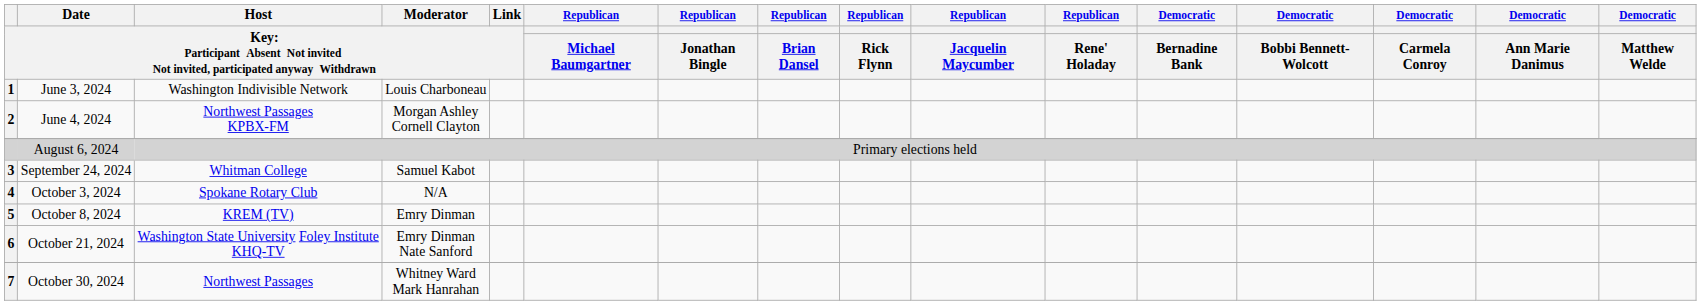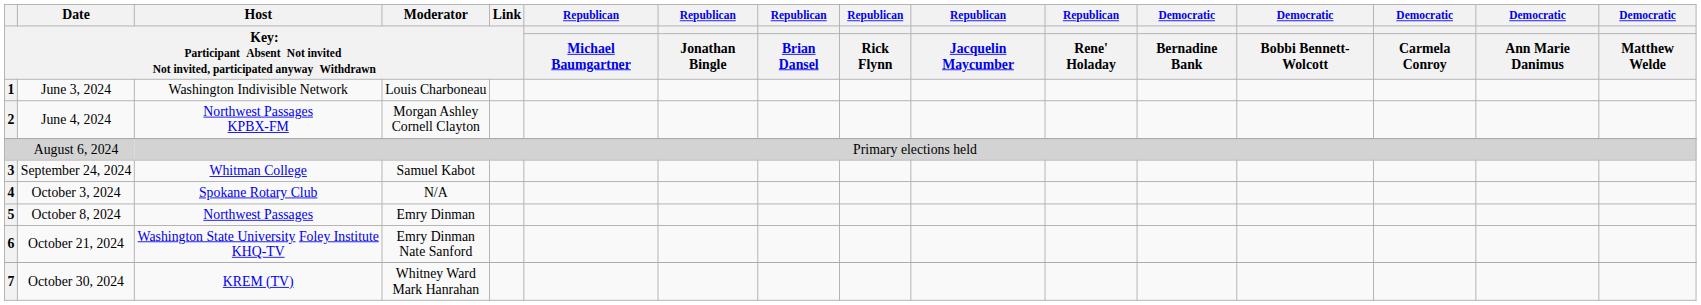 <table class="wikitable" style="text-align:center;">
 <tr>
 <th scope="col"></th>
 <th scope="col">Date</th>
 <th scope="col">Host</th>
 <th scope="col">Moderator</th>
 <th scope="col">Link</th>
 <th scope="col"><small><a href='#'>Republican</a></small></th>
 <th scope="col"><small><a href='#'>Republican</a></small></th>
 <th scope="col"><small><a href='#'>Republican</a></small></th>
 <th scope="col"><small><a href='#'>Republican</a></small></th>
 <th scope="col"><small><a href='#'>Republican</a></small></th>
 <th scope="col"><small><a href='#'>Republican</a></small></th>
 <th scope="col"><small><a href='#'>Democratic</a></small></th>
 <th scope="col"><small><a href='#'>Democratic</a></small></th>
 <th scope="col"><small><a href='#'>Democratic</a></small></th>
 <th scope="col"><small><a href='#'>Democratic</a></small></th>
 <th scope="col"><small><a href='#'>Democratic</a></small></th>
 </tr>
 <tr>
 <th colspan="5" rowspan="2">Key:<br> <small>Participant </small>  <small>Absent </small>  <small>Not invited </small> <br> <small>Not invited, participated anyway </small>  <small>Withdrawn</small></th>
 <th scope="col" style="background:"></th>
 <th scope="col" style="background:"></th>
 <th scope="col" style="background:"></th>
 <th scope="col" style="background:"></th>
 <th scope="col" style="background:"></th>
 <th scope="col" style="background:"></th>
 <th scope="col" style="background:"></th>
 <th scope="col" style="background:"></th>
 <th scope="col" style="background:"></th>
 <th scope="col" style="background:"></th>
 <th scope="col" style="background:"></th>
 </tr>
 <tr>
 <th scope="col"><a href='#'>Michael Baumgartner</a></th>
 <th scope="col">Jonathan Bingle</th>
 <th scope="col"><a href='#'>Brian Dansel</a></th>
 <th scope="col">Rick Flynn</th>
 <th scope="col"><a href='#'>Jacquelin Maycumber</a></th>
 <th scope="col">Rene' Holaday</th>
 <th scope="col">Bernadine Bank</th>
 <th scope="col">Bobbi Bennett-Wolcott</th>
 <th scope="col">Carmela Conroy</th>
 <th scope="col">Ann Marie Danimus</th>
 <th scope="col">Matthew Welde</th>
 </tr>
 <tr>
 <th>1</th>
 <td style="white-space:nowrap;">June 3, 2024</td>
 <td style="white-space:nowrap;">Washington Indivisible Network</td>
 <td style="white-space:nowrap;">Louis Charboneau</td>
 <td style="white-space:nowrap;"></td>
 <td></td>
 <td></td>
 <td></td>
 <td></td>
 <td></td>
 <td></td>
 <td></td>
 <td></td>
 <td></td>
 <td></td>
 <td></td>
 </tr>
 <tr>
 <th>2</th>
 <td style="white-space:nowrap;">June 4, 2024</td>
 <td style="white-space:nowrap;"><a href='#'>Northwest Passages</a><br><a href='#'>KPBX-FM</a></td>
 <td style="white-space:nowrap;">Morgan Ashley<br>Cornell Clayton</td>
 <td style="white-space:nowrap;"></td>
 <td></td>
 <td></td>
 <td></td>
 <td></td>
 <td></td>
 <td></td>
 <td></td>
 <td></td>
 <td></td>
 <td></td>
 <td></td>
 </tr>
 <tr>
 </tr>
 <tr style="background:lightgray;">
 <td style="border-right-style:hidden; background:lightgray;"></td>
 <td style="border-right-style:hidden; ">August 6, 2024</td>
 <td colspan="14">Primary elections held</td>
 </tr>
 <tr>
 <th>3</th>
 <td style="white-space:nowrap;">September 24, 2024</td>
 <td style="white-space:nowrap;"><a href='#'>Whitman College</a></td>
 <td style="white-space:nowrap;">Samuel Kabot</td>
 <td style="white-space:nowrap;"></td>
 <td></td>
 <td></td>
 <td></td>
 <td></td>
 <td></td>
 <td></td>
 <td></td>
 <td></td>
 <td></td>
 <td></td>
 <td></td>
 </tr>
 <tr>
 <th>4</th>
 <td style="white-space:nowrap;">October 3, 2024</td>
 <td style="white-space:nowrap;"><a href='#'>Spokane Rotary Club</a></td>
 <td style="white-space:nowrap;">N/A</td>
 <td style="white-space:nowrap;"></td>
 <td></td>
 <td></td>
 <td></td>
 <td></td>
 <td></td>
 <td></td>
 <td></td>
 <td></td>
 <td></td>
 <td></td>
 <td></td>
 </tr>
 <tr>
 <th>5</th>
 <td style="white-space:nowrap;">October 8, 2024</td>
-<td style="white-space:nowrap;"><a href='#'>KREM (TV)</a></td>
+<td style="white-space:nowrap;"><a href='#'>Northwest Passages</a></td>
 <td style="white-space:nowrap;">Emry Dinman</td>
 <td style="white-space:nowrap;"></td>
 <td></td>
 <td></td>
 <td></td>
 <td></td>
 <td></td>
 <td></td>
 <td></td>
 <td></td>
 <td></td>
 <td></td>
 <td></td>
 </tr>
 <tr>
 <th>6</th>
 <td style="white-space:nowrap;">October 21, 2024</td>
 <td style="white-space:nowrap;"><a href='#'>Washington State University</a> <a href='#'>Foley Institute</a><br><a href='#'>KHQ-TV</a></td>
 <td style="white-space:nowrap;">Emry Dinman<br>Nate Sanford</td>
 <td style="white-space:nowrap;"></td>
 <td></td>
 <td></td>
 <td></td>
 <td></td>
 <td></td>
 <td></td>
 <td></td>
 <td></td>
 <td></td>
 <td></td>
 <td></td>
 </tr>
 <tr>
 </tr>
 <tr>
 <th>7</th>
 <td style="white-space:nowrap;">October 30, 2024</td>
-<td style="white-space:nowrap;"><a href='#'>Northwest Passages</a></td>
+<td style="white-space:nowrap;"><a href='#'>KREM (TV)</a></td>
 <td style="white-space:nowrap;">Whitney Ward<br>Mark Hanrahan</td>
 <td style="white-space:nowrap;"></td>
 <td></td>
 <td></td>
 <td></td>
 <td></td>
 <td></td>
 <td></td>
 <td></td>
 <td></td>
 <td></td>
 <td></td>
 <td></td>
 </tr>
 </table>
